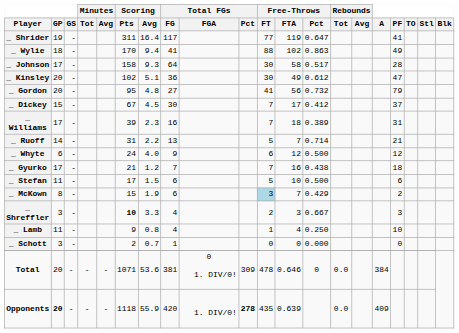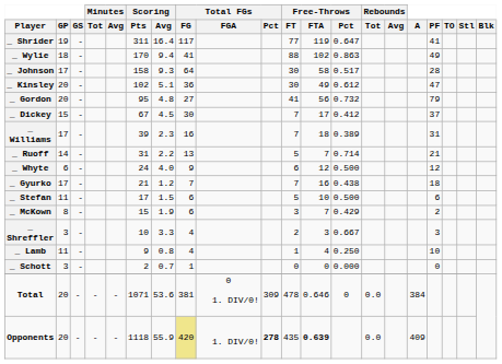 <table class="wikitable sortable" border="1" style="font-size:90%;">
 <tr>
 <th colspan="3" style="border-top-style:hidden; border-left-style:hidden; background: white;"></th>
 <th colspan="2" style=>Minutes</th>
 <th colspan="2" style=>Scoring</th>
 <th colspan="3" style=>Total FGs</th>
 <th colspan="3" style=>Free-Throws</th>
 <th colspan="2" style=>Rebounds</th>
 <th colspan="5" style="border-top-style:hidden; border-right-style:hidden; background: white;"></th>
 </tr>
 <tr>
 <th scope="col" style=>Player</th>
 <th scope="col" style=>GP</th>
 <th scope="col" style=>GS</th>
 <th scope="col" style=>Tot</th>
 <th scope="col" style=>Avg</th>
 <th scope="col" style=>Pts</th>
 <th scope="col" style=>Avg</th>
 <th scope="col" style=>FG</th>
 <th scope="col" style=>FGA</th>
 <th scope="col" style=>Pct</th>
 <th scope="col" style=>FT</th>
 <th scope="col" style=>FTA</th>
 <th scope="col" style=>Pct</th>
 <th scope="col" style=>Tot</th>
 <th scope="col" style=>Avg</th>
 <th scope="col" style=>A</th>
 <th scope="col" style=>PF</th>
 <th scope="col" style=>TO</th>
 <th scope="col" style=>Stl</th>
 <th scope="col" style=>Blk</th>
 </tr>
 <tr>
 <th>_ Shrider</th>
 <td align="right">19</td>
 <td align="right">-</td>
 <td align="right"></td>
 <td align="right"></td>
 <td align="right">311</td>
 <td align="right">16.4</td>
 <td align="right">117</td>
 <td align="right"></td>
 <td align="right"></td>
 <td align="right">77</td>
 <td align="right">119</td>
 <td align="right">0.647</td>
 <td align="right"></td>
 <td align="right"></td>
 <td align="right"></td>
 <td align="right">41</td>
 <td align="right"></td>
 <td align="right"></td>
 <td align="right"></td>
 </tr>
 <tr>
 <th>_ Wylie</th>
 <td align="right">18</td>
 <td align="right">-</td>
 <td align="right"></td>
 <td align="right"></td>
 <td align="right">170</td>
 <td align="right">9.4</td>
 <td align="right">41</td>
 <td align="right"></td>
 <td align="right"></td>
 <td align="right">88</td>
 <td align="right">102</td>
 <td align="right">0.863</td>
 <td align="right"></td>
 <td align="right"></td>
 <td align="right"></td>
 <td align="right">49</td>
 <td align="right"></td>
 <td align="right"></td>
 <td align="right"></td>
 </tr>
 <tr>
 <th>_ Johnson</th>
 <td align="right">17</td>
 <td align="right">-</td>
 <td align="right"></td>
 <td align="right"></td>
 <td align="right">158</td>
 <td align="right">9.3</td>
 <td align="right">64</td>
 <td align="right"></td>
 <td align="right"></td>
 <td align="right">30</td>
 <td align="right">58</td>
 <td align="right">0.517</td>
 <td align="right"></td>
 <td align="right"></td>
 <td align="right"></td>
 <td align="right">28</td>
 <td align="right"></td>
 <td align="right"></td>
 <td align="right"></td>
 </tr>
 <tr>
 <th>_ Kinsley</th>
 <td align="right">20</td>
 <td align="right">-</td>
 <td align="right"></td>
 <td align="right"></td>
 <td align="right">102</td>
 <td align="right">5.1</td>
 <td align="right">36</td>
 <td align="right"></td>
 <td align="right"></td>
 <td align="right">30</td>
 <td align="right">49</td>
 <td align="right">0.612</td>
 <td align="right"></td>
 <td align="right"></td>
 <td align="right"></td>
 <td align="right">47</td>
 <td align="right"></td>
 <td align="right"></td>
 <td align="right"></td>
 </tr>
 <tr>
 <th>_ Gordon</th>
 <td align="right">20</td>
 <td align="right">-</td>
 <td align="right"></td>
 <td align="right"></td>
 <td align="right">95</td>
 <td align="right">4.8</td>
 <td align="right">27</td>
 <td align="right"></td>
 <td align="right"></td>
 <td align="right">41</td>
 <td align="right">56</td>
 <td align="right">0.732</td>
 <td align="right"></td>
 <td align="right"></td>
 <td align="right"></td>
 <td align="right">79</td>
 <td align="right"></td>
 <td align="right"></td>
 <td align="right"></td>
 </tr>
 <tr>
 <th>_ Dickey</th>
 <td align="right">15</td>
 <td align="right">-</td>
 <td align="right"></td>
 <td align="right"></td>
 <td align="right">67</td>
 <td align="right">4.5</td>
 <td align="right">30</td>
 <td align="right"></td>
 <td align="right"></td>
 <td align="right">7</td>
 <td align="right">17</td>
 <td align="right">0.412</td>
 <td align="right"></td>
 <td align="right"></td>
 <td align="right"></td>
 <td align="right">37</td>
 <td align="right"></td>
 <td align="right"></td>
 <td align="right"></td>
 </tr>
 <tr>
 <th>_ Williams</th>
 <td align="right">17</td>
 <td align="right">-</td>
 <td align="right"></td>
 <td align="right"></td>
 <td align="right">39</td>
 <td align="right">2.3</td>
 <td align="right">16</td>
 <td align="right"></td>
 <td align="right"></td>
 <td align="right">7</td>
 <td align="right">18</td>
 <td align="right">0.389</td>
 <td align="right"></td>
 <td align="right"></td>
 <td align="right"></td>
 <td align="right">31</td>
 <td align="right"></td>
 <td align="right"></td>
 <td align="right"></td>
 </tr>
 <tr>
 <th>_ Ruoff</th>
 <td align="right">14</td>
 <td align="right">-</td>
 <td align="right"></td>
 <td align="right"></td>
 <td align="right">31</td>
 <td align="right">2.2</td>
 <td align="right">13</td>
 <td align="right"></td>
 <td align="right"></td>
 <td align="right">5</td>
 <td align="right">7</td>
 <td align="right">0.714</td>
 <td align="right"></td>
 <td align="right"></td>
 <td align="right"></td>
 <td align="right">21</td>
 <td align="right"></td>
 <td align="right"></td>
 <td align="right"></td>
 </tr>
 <tr>
 <th>_ Whyte</th>
 <td align="right">6</td>
 <td align="right">-</td>
 <td align="right"></td>
 <td align="right"></td>
 <td align="right">24</td>
 <td align="right">4.0</td>
 <td align="right">9</td>
 <td align="right"></td>
 <td align="right"></td>
 <td align="right">6</td>
 <td align="right">12</td>
 <td align="right">0.500</td>
 <td align="right"></td>
 <td align="right"></td>
 <td align="right"></td>
 <td align="right">12</td>
 <td align="right"></td>
 <td align="right"></td>
 <td align="right"></td>
 </tr>
 <tr>
 <th>_ Gyurko</th>
 <td align="right">17</td>
 <td align="right">-</td>
 <td align="right"></td>
 <td align="right"></td>
 <td align="right">21</td>
 <td align="right">1.2</td>
 <td align="right">7</td>
 <td align="right"></td>
 <td align="right"></td>
 <td align="right">7</td>
 <td align="right">16</td>
 <td align="right">0.438</td>
 <td align="right"></td>
 <td align="right"></td>
 <td align="right"></td>
 <td align="right">18</td>
 <td align="right"></td>
 <td align="right"></td>
 <td align="right"></td>
 </tr>
 <tr>
 <th>_ Stefan</th>
 <td align="right">11</td>
 <td align="right">-</td>
 <td align="right"></td>
 <td align="right"></td>
 <td align="right">17</td>
 <td align="right">1.5</td>
 <td align="right">6</td>
 <td align="right"></td>
 <td align="right"></td>
 <td align="right">5</td>
 <td align="right">10</td>
 <td align="right">0.500</td>
 <td align="right"></td>
 <td align="right"></td>
 <td align="right"></td>
 <td align="right">6</td>
 <td align="right"></td>
 <td align="right"></td>
 <td align="right"></td>
 </tr>
 <tr>
 <th>_ McKown</th>
 <td align="right">8</td>
 <td align="right">-</td>
 <td align="right"></td>
 <td align="right"></td>
 <td align="right">15</td>
 <td align="right">1.9</td>
 <td align="right">6</td>
 <td align="right"></td>
 <td align="right"></td>
-<td align="right" style="background: lightblue;">3</td>
+<td align="right">3</td>
 <td align="right">7</td>
 <td align="right">0.429</td>
 <td align="right"></td>
 <td align="right"></td>
 <td align="right"></td>
 <td align="right">2</td>
 <td align="right"></td>
 <td align="right"></td>
 <td align="right"></td>
 </tr>
 <tr>
 <th>_ Shreffler</th>
 <td align="right">3</td>
 <td align="right">-</td>
 <td align="right"></td>
 <td align="right"></td>
-<td align="right"><strong>10</strong></td>
+<td align="right">10</td>
 <td align="right">3.3</td>
 <td align="right">4</td>
 <td align="right"></td>
 <td align="right"></td>
 <td align="right">2</td>
 <td align="right">3</td>
 <td align="right">0.667</td>
 <td align="right"></td>
 <td align="right"></td>
 <td align="right"></td>
 <td align="right">3</td>
 <td align="right"></td>
 <td align="right"></td>
 <td align="right"></td>
 </tr>
 <tr>
 <th>_ Lamb</th>
 <td align="right">11</td>
 <td align="right">-</td>
 <td align="right"></td>
 <td align="right"></td>
 <td align="right">9</td>
 <td align="right">0.8</td>
 <td align="right">4</td>
 <td align="right"></td>
 <td align="right"></td>
 <td align="right">1</td>
 <td align="right">4</td>
 <td align="right">0.250</td>
 <td align="right"></td>
 <td align="right"></td>
 <td align="right"></td>
 <td align="right">10</td>
 <td align="right"></td>
 <td align="right"></td>
 <td align="right"></td>
 </tr>
 <tr>
 <th>_ Schott</th>
 <td align="right">3</td>
 <td align="right">-</td>
 <td align="right"></td>
 <td align="right"></td>
 <td align="right">2</td>
 <td align="right">0.7</td>
 <td align="right">1</td>
 <td align="right"></td>
 <td align="right"></td>
 <td align="right">0</td>
 <td align="right">0</td>
 <td align="right">0.000</td>
 <td align="right"></td>
 <td align="right"></td>
 <td align="right"></td>
 <td align="right">0</td>
 <td align="right"></td>
 <td align="right"></td>
 <td align="right"></td>
 </tr>
 <tr>
 </tr>
 <tr class="sortbottom">
 <td align="center" style=><strong>Total</strong></td>
 <td align="center" style=>20</td>
 <td align="center" style=>-</td>
 <td align="center" style=>-</td>
 <td align="center" style=>-</td>
 <td align="center" style=>1071</td>
 <td align="center" style=>53.6</td>
 <td align="center" style=>381</td>
 <td align="center" style=>0<br><ol><li>DIV/0!</li></ol></td>
 <td align="center" style=>309</td>
 <td align="center" style=>478</td>
 <td align="center" style=>0.646</td>
 <td align="center" style=>0</td>
 <td align="center" style=>0.0</td>
 <td align="center" style=></td>
 <td align="center" style=>384</td>
 <td align="center" style=></td>
 <td align="center" style=></td>
 <td align="center" style=></td>
 </tr>
 <tr class="sortbottom">
 <td align="center"><strong>Opponents</strong></td>
-<td align="center"><strong>20</strong></td>
+<td align="center">20</td>
 <td align="center">-</td>
 <td align="center">-</td>
 <td align="center">-</td>
 <td align="center">1118</td>
 <td align="center">55.9</td>
-<td align="center">420</td>
+<td align="center" style="background: khaki;">420</td>
 <td align="center"><br><ol><li>DIV/0!</li></ol></td>
 <td align="center"><strong>278</strong></td>
 <td align="center">435</td>
-<td align="center">0.639</td>
+<td align="center"><strong>0.639</strong></td>
 <td align="center"></td>
 <td align="center">0.0</td>
 <td align="center"></td>
 <td align="center">409</td>
 <td align="center"></td>
 <td align="center"></td>
 <td align="center"></td>
 </tr>
 </table>
